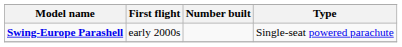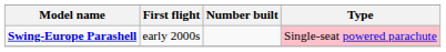 <table class="wikitable" align=center style="font-size:90%;">
 <tr>
 </tr>
 <tr style="background:#efefef;">
 <th>Model name</th>
 <th>First flight</th>
 <th>Number built</th>
 <th>Type</th>
 </tr>
 <tr>
 <td align=left><strong><a href='#'>Swing-Europe Parashell</a></strong></td>
 <td align=center>early 2000s</td>
 <td align=center></td>
-<td align=left>Single-seat <a href='#'>powered parachute</a></td>
+<td align=left style="background: pink;">Single-seat <a href='#'>powered parachute</a></td>
 </tr>
 <tr>
 </tr>
 </table>
